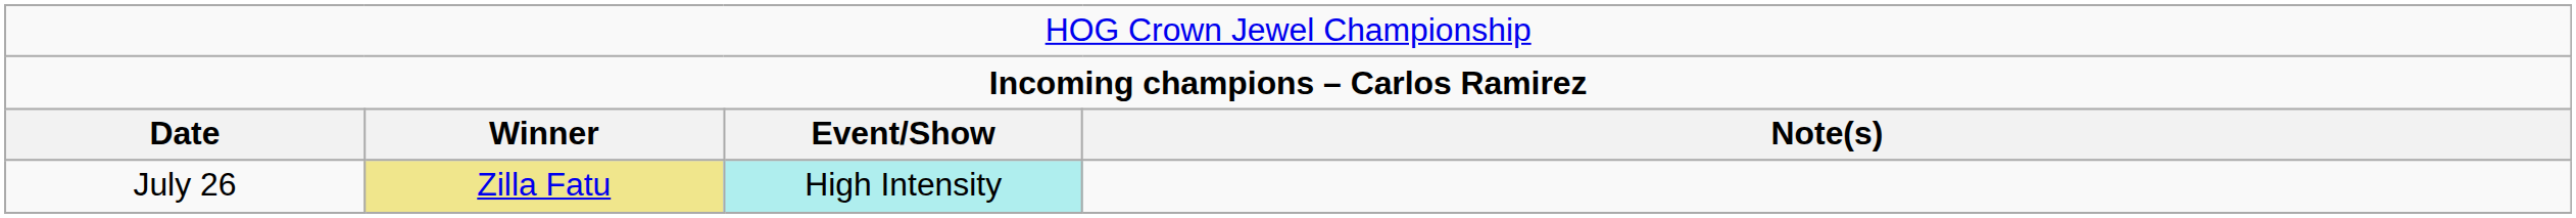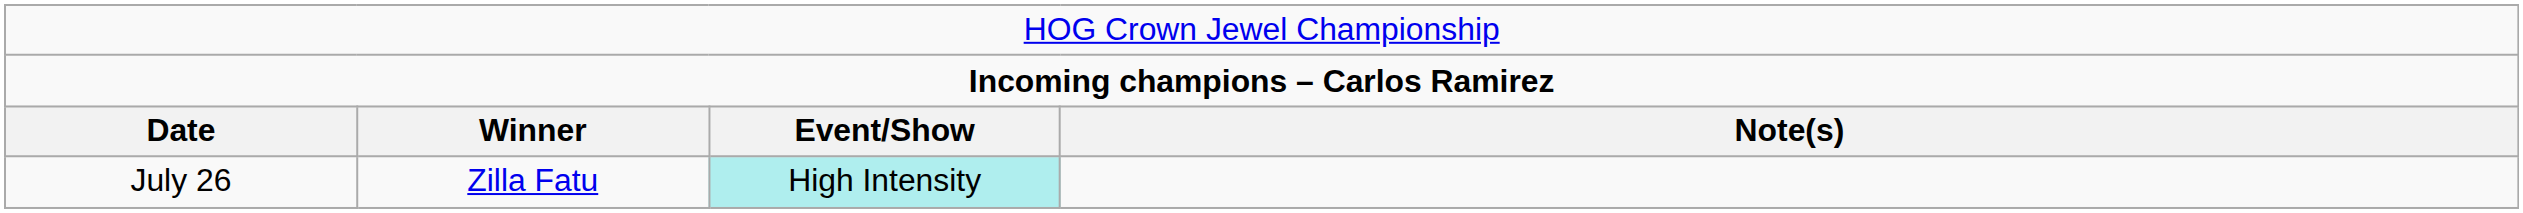 <table class="wikitable" style="text-align:center; width:100%;">
 <tr>
 <td colspan="4" style="text-align: center;"><a href='#'>HOG Crown Jewel Championship</a></td>
 </tr>
 <tr>
 <td colspan="4" style="text-align: center;"><strong>Incoming champions – Carlos Ramirez</strong></td>
 </tr>
 <tr>
 <th width=14%>Date</th>
 <th width=14%>Winner</th>
 <th width=14%>Event/Show</th>
 <th width=58%>Note(s)</th>
 </tr>
 <tr>
 <td>July 26</td>
-<td style="background: khaki;"><a href='#'>Zilla Fatu</a></td>
+<td><a href='#'>Zilla Fatu</a></td>
 <td style="background: paleturquoise;">High Intensity</td>
 <td></td>
 </tr>
 </table>
